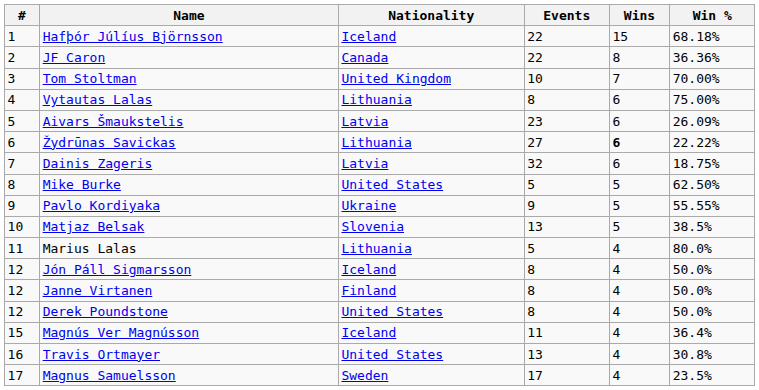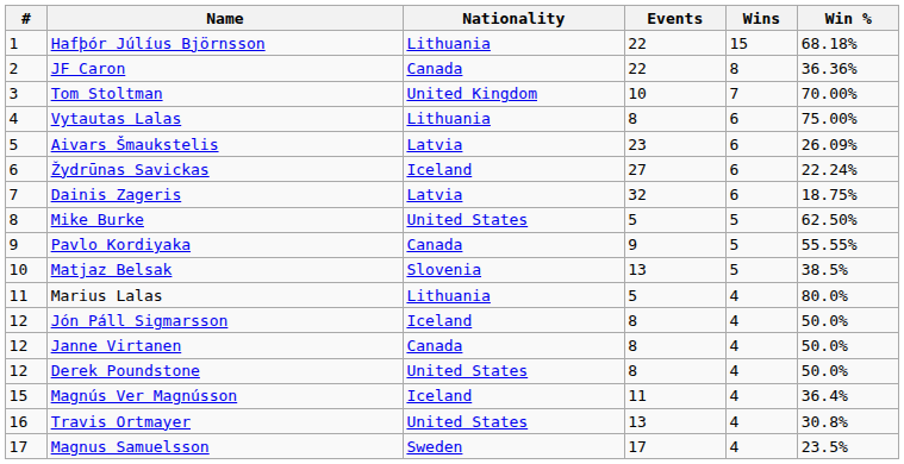 <table class="wikitable sortable" style="display: inline-table;width: 85%;">
 <tr>
 <th>#</th>
 <th>Name</th>
 <th>Nationality</th>
 <th>Events</th>
 <th>Wins</th>
 <th>Win %</th>
 </tr>
 <tr>
 <td>1</td>
 <td><a href='#'>Hafþór Júlíus Björnsson</a></td>
-<td> <a href='#'>Iceland</a></td>
+<td> <a href='#'>Lithuania</a></td>
 <td>22</td>
 <td>15</td>
 <td>68.18%</td>
 </tr>
 <tr>
 <td>2</td>
 <td><a href='#'>JF Caron</a></td>
 <td> <a href='#'>Canada</a></td>
 <td>22</td>
 <td>8</td>
 <td>36.36%</td>
 </tr>
 <tr>
 <td>3</td>
 <td><a href='#'>Tom Stoltman</a></td>
 <td> <a href='#'>United Kingdom</a></td>
 <td>10</td>
 <td>7</td>
 <td>70.00%</td>
 </tr>
 <tr>
 <td>4</td>
 <td><a href='#'>Vytautas Lalas</a></td>
 <td> <a href='#'>Lithuania</a></td>
 <td>8</td>
 <td>6</td>
 <td>75.00%</td>
 </tr>
 <tr>
 <td>5</td>
 <td><a href='#'>Aivars Šmaukstelis</a></td>
 <td> <a href='#'>Latvia</a></td>
 <td>23</td>
 <td>6</td>
 <td>26.09%</td>
 </tr>
 <tr>
 <td>6</td>
 <td><a href='#'>Žydrūnas Savickas</a></td>
-<td> <a href='#'>Lithuania</a></td>
+<td> <a href='#'>Iceland</a></td>
 <td>27</td>
-<td><strong>6</strong></td>
-<td>22.22%</td>
+<td>6</td>
+<td>22.24%</td>
 </tr>
 <tr>
 <td>7</td>
 <td><a href='#'>Dainis Zageris</a></td>
 <td> <a href='#'>Latvia</a></td>
 <td>32</td>
 <td>6</td>
 <td>18.75%</td>
 </tr>
 <tr>
 <td>8</td>
 <td><a href='#'>Mike Burke</a></td>
 <td> <a href='#'>United States</a></td>
 <td>5</td>
 <td>5</td>
 <td>62.50%</td>
 </tr>
 <tr>
 <td>9</td>
 <td><a href='#'>Pavlo Kordiyaka</a></td>
-<td> <a href='#'>Ukraine</a></td>
+<td> <a href='#'>Canada</a></td>
 <td>9</td>
 <td>5</td>
 <td>55.55%</td>
 </tr>
 <tr>
 <td>10</td>
 <td><a href='#'>Matjaz Belsak</a></td>
 <td> <a href='#'>Slovenia</a></td>
 <td>13</td>
 <td>5</td>
 <td>38.5%</td>
 </tr>
 <tr>
 <td>11</td>
 <td>Marius Lalas</td>
 <td> <a href='#'>Lithuania</a></td>
 <td>5</td>
 <td>4</td>
 <td>80.0%</td>
 </tr>
 <tr>
 <td>12</td>
 <td><a href='#'>Jón Páll Sigmarsson</a></td>
 <td> <a href='#'>Iceland</a></td>
 <td>8</td>
 <td>4</td>
 <td>50.0%</td>
 </tr>
 <tr>
 <td>12</td>
 <td><a href='#'>Janne Virtanen</a></td>
-<td> <a href='#'>Finland</a></td>
+<td> <a href='#'>Canada</a></td>
 <td>8</td>
 <td>4</td>
 <td>50.0%</td>
 </tr>
 <tr>
 <td>12</td>
 <td><a href='#'>Derek Poundstone</a></td>
 <td> <a href='#'>United States</a></td>
 <td>8</td>
 <td>4</td>
 <td>50.0%</td>
 </tr>
 <tr>
 <td>15</td>
 <td><a href='#'>Magnús Ver Magnússon</a></td>
 <td> <a href='#'>Iceland</a></td>
 <td>11</td>
 <td>4</td>
 <td>36.4%</td>
 </tr>
 <tr>
 <td>16</td>
 <td><a href='#'>Travis Ortmayer</a></td>
 <td> <a href='#'>United States</a></td>
 <td>13</td>
 <td>4</td>
 <td>30.8%</td>
 </tr>
 <tr>
 <td>17</td>
 <td><a href='#'>Magnus Samuelsson</a></td>
 <td> <a href='#'>Sweden</a></td>
 <td>17</td>
 <td>4</td>
 <td>23.5%</td>
 </tr>
 </table>
